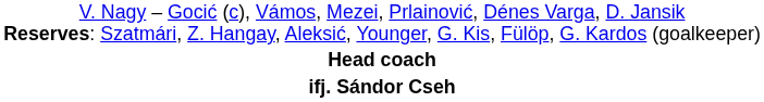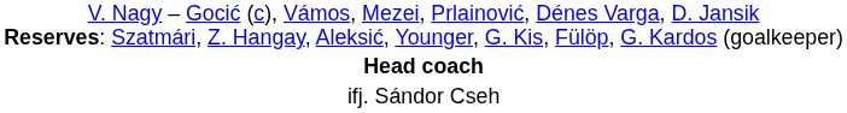 <table style="text-align: center; margin-top: 1em; margin-left: auto; margin-right: auto">
 <tr>
 <td><a href='#'>V. Nagy</a> – <a href='#'>Gocić</a> (<a href='#'>c</a>), <a href='#'>Vámos</a>, <a href='#'>Mezei</a>, <a href='#'>Prlainović</a>, <a href='#'>Dénes Varga</a>, <a href='#'>D. Jansik</a><br><strong>Reserves</strong>: <a href='#'>Szatmári</a>, <a href='#'>Z. Hangay</a>, <a href='#'>Aleksić</a>, <a href='#'>Younger</a>, <a href='#'>G. Kis</a>, <a href='#'>Fülöp</a>, <a href='#'>G. Kardos</a> (goalkeeper)</td>
 </tr>
 <tr>
 <td><strong>Head coach</strong></td>
 </tr>
 <tr>
-<td><strong>ifj. Sándor Cseh</strong></td>
+<td>ifj. Sándor Cseh</td>
 </tr>
 </table>
